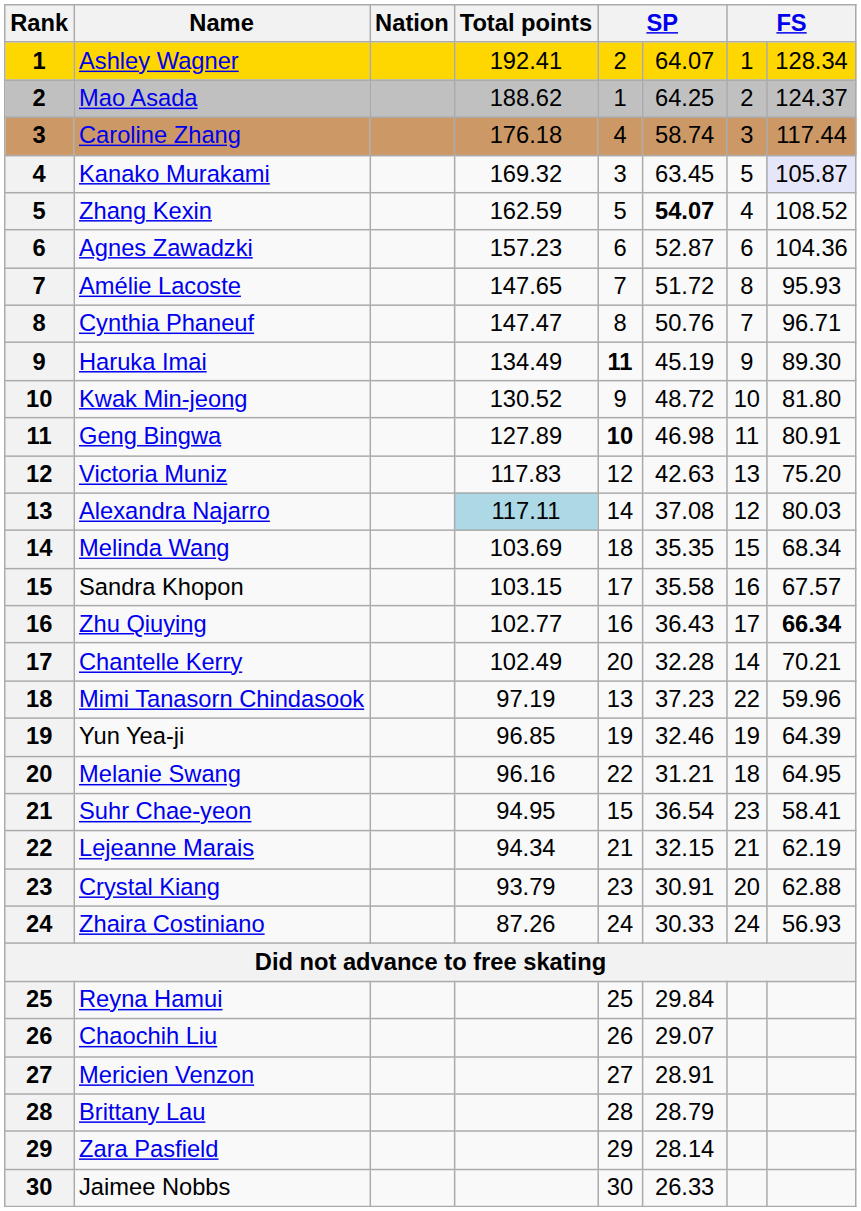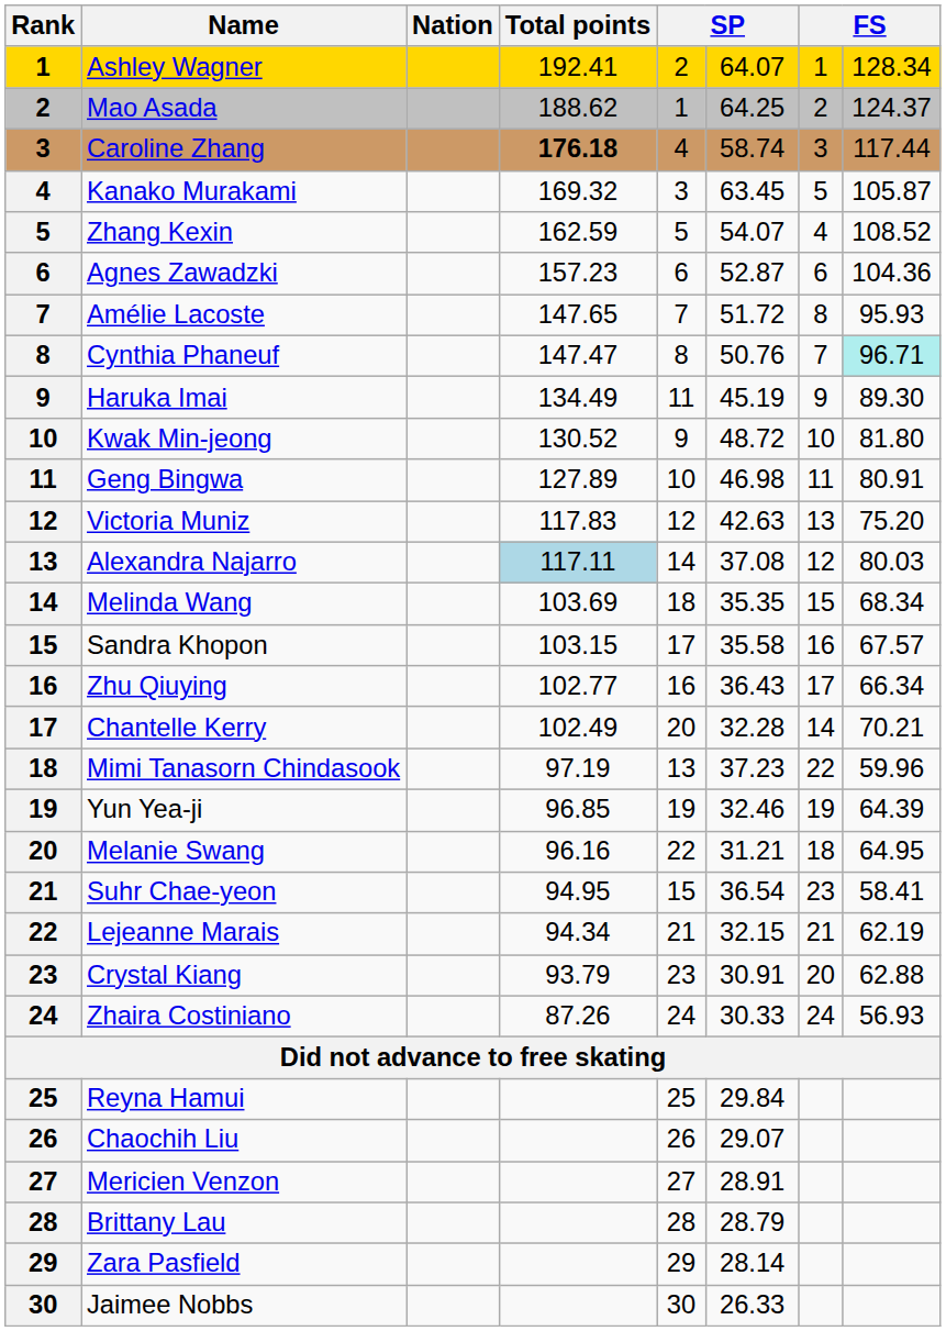 <table class="wikitable sortable">
 <tr>
 <th>Rank</th>
 <th>Name</th>
 <th>Nation</th>
 <th>Total points</th>
 <th colspan="2" width="80px"><a href='#'>SP</a></th>
 <th colspan="2" width="80px"><a href='#'>FS</a></th>
 </tr>
 <tr bgcolor="gold">
 <td align="center"><strong>1</strong></td>
 <td><a href='#'>Ashley Wagner</a></td>
 <td></td>
 <td align="center">192.41</td>
 <td align="center">2</td>
 <td align="center">64.07</td>
 <td align="center">1</td>
 <td align="center">128.34</td>
 </tr>
 <tr bgcolor="silver">
 <td align="center"><strong>2</strong></td>
 <td><a href='#'>Mao Asada</a></td>
 <td></td>
 <td align="center">188.62</td>
 <td align="center">1</td>
 <td align="center">64.25</td>
 <td align="center">2</td>
 <td align="center">124.37</td>
 </tr>
 <tr bgcolor="cc9966">
 <td align="center"><strong>3</strong></td>
 <td><a href='#'>Caroline Zhang</a></td>
 <td></td>
-<td align="center">176.18</td>
+<td align="center"><strong>176.18</strong></td>
 <td align="center">4</td>
 <td align="center">58.74</td>
 <td align="center">3</td>
 <td align="center">117.44</td>
 </tr>
 <tr>
 <th>4</th>
 <td><a href='#'>Kanako Murakami</a></td>
 <td></td>
 <td align="center">169.32</td>
 <td align="center">3</td>
 <td align="center">63.45</td>
 <td align="center">5</td>
-<td align="center" style="background: lavender;">105.87</td>
+<td align="center">105.87</td>
 </tr>
 <tr>
 <th>5</th>
 <td><a href='#'>Zhang Kexin</a></td>
 <td></td>
 <td align="center">162.59</td>
 <td align="center">5</td>
-<td align="center"><strong>54.07</strong></td>
+<td align="center">54.07</td>
 <td align="center">4</td>
 <td align="center">108.52</td>
 </tr>
 <tr>
 <th>6</th>
 <td><a href='#'>Agnes Zawadzki</a></td>
 <td></td>
 <td align="center">157.23</td>
 <td align="center">6</td>
 <td align="center">52.87</td>
 <td align="center">6</td>
 <td align="center">104.36</td>
 </tr>
 <tr>
 <th>7</th>
 <td><a href='#'>Amélie Lacoste</a></td>
 <td></td>
 <td align="center">147.65</td>
 <td align="center">7</td>
 <td align="center">51.72</td>
 <td align="center">8</td>
 <td align="center">95.93</td>
 </tr>
 <tr>
 <th>8</th>
 <td><a href='#'>Cynthia Phaneuf</a></td>
 <td></td>
 <td align="center">147.47</td>
 <td align="center">8</td>
 <td align="center">50.76</td>
 <td align="center">7</td>
-<td align="center">96.71</td>
+<td align="center" style="background: paleturquoise;">96.71</td>
 </tr>
 <tr>
 <th>9</th>
 <td><a href='#'>Haruka Imai</a></td>
 <td></td>
 <td align="center">134.49</td>
-<td align="center"><strong>11</strong></td>
+<td align="center">11</td>
 <td align="center">45.19</td>
 <td align="center">9</td>
 <td align="center">89.30</td>
 </tr>
 <tr>
 <th>10</th>
 <td><a href='#'>Kwak Min-jeong</a></td>
 <td></td>
 <td align="center">130.52</td>
 <td align="center">9</td>
 <td align="center">48.72</td>
 <td align="center">10</td>
 <td align="center">81.80</td>
 </tr>
 <tr>
 <th>11</th>
 <td><a href='#'>Geng Bingwa</a></td>
 <td></td>
 <td align="center">127.89</td>
-<td align="center"><strong>10</strong></td>
+<td align="center">10</td>
 <td align="center">46.98</td>
 <td align="center">11</td>
 <td align="center">80.91</td>
 </tr>
 <tr>
 <th>12</th>
 <td><a href='#'>Victoria Muniz</a></td>
 <td></td>
 <td align="center">117.83</td>
 <td align="center">12</td>
 <td align="center">42.63</td>
 <td align="center">13</td>
 <td align="center">75.20</td>
 </tr>
 <tr>
 <th>13</th>
 <td><a href='#'>Alexandra Najarro</a></td>
 <td></td>
 <td align="center" style="background: lightblue;">117.11</td>
 <td align="center">14</td>
 <td align="center">37.08</td>
 <td align="center">12</td>
 <td align="center">80.03</td>
 </tr>
 <tr>
 <th>14</th>
 <td><a href='#'>Melinda Wang</a></td>
 <td></td>
 <td align="center">103.69</td>
 <td align="center">18</td>
 <td align="center">35.35</td>
 <td align="center">15</td>
 <td align="center">68.34</td>
 </tr>
 <tr>
 <th>15</th>
 <td>Sandra Khopon</td>
 <td></td>
 <td align="center">103.15</td>
 <td align="center">17</td>
 <td align="center">35.58</td>
 <td align="center">16</td>
 <td align="center">67.57</td>
 </tr>
 <tr>
 <th>16</th>
 <td><a href='#'>Zhu Qiuying</a></td>
 <td></td>
 <td align="center">102.77</td>
 <td align="center">16</td>
 <td align="center">36.43</td>
 <td align="center">17</td>
-<td align="center"><strong>66.34</strong></td>
+<td align="center">66.34</td>
 </tr>
 <tr>
 <th>17</th>
 <td><a href='#'>Chantelle Kerry</a></td>
 <td></td>
 <td align="center">102.49</td>
 <td align="center">20</td>
 <td align="center">32.28</td>
 <td align="center">14</td>
 <td align="center">70.21</td>
 </tr>
 <tr>
 <th>18</th>
 <td><a href='#'>Mimi Tanasorn Chindasook</a></td>
 <td></td>
 <td align="center">97.19</td>
 <td align="center">13</td>
 <td align="center">37.23</td>
 <td align="center">22</td>
 <td align="center">59.96</td>
 </tr>
 <tr>
 <th>19</th>
 <td>Yun Yea-ji</td>
 <td></td>
 <td align="center">96.85</td>
 <td align="center">19</td>
 <td align="center">32.46</td>
 <td align="center">19</td>
 <td align="center">64.39</td>
 </tr>
 <tr>
 <th>20</th>
 <td><a href='#'>Melanie Swang</a></td>
 <td></td>
 <td align="center">96.16</td>
 <td align="center">22</td>
 <td align="center">31.21</td>
 <td align="center">18</td>
 <td align="center">64.95</td>
 </tr>
 <tr>
 <th>21</th>
 <td><a href='#'>Suhr Chae-yeon</a></td>
 <td></td>
 <td align="center">94.95</td>
 <td align="center">15</td>
 <td align="center">36.54</td>
 <td align="center">23</td>
 <td align="center">58.41</td>
 </tr>
 <tr>
 <th>22</th>
 <td><a href='#'>Lejeanne Marais</a></td>
 <td></td>
 <td align="center">94.34</td>
 <td align="center">21</td>
 <td align="center">32.15</td>
 <td align="center">21</td>
 <td align="center">62.19</td>
 </tr>
 <tr>
 <th>23</th>
 <td><a href='#'>Crystal Kiang</a></td>
 <td></td>
 <td align="center">93.79</td>
 <td align="center">23</td>
 <td align="center">30.91</td>
 <td align="center">20</td>
 <td align="center">62.88</td>
 </tr>
 <tr>
 <th>24</th>
 <td><a href='#'>Zhaira Costiniano</a></td>
 <td></td>
 <td align="center">87.26</td>
 <td align="center">24</td>
 <td align="center">30.33</td>
 <td align="center">24</td>
 <td align="center">56.93</td>
 </tr>
 <tr>
 <th colspan="8">Did not advance to free skating</th>
 </tr>
 <tr>
 <th>25</th>
 <td><a href='#'>Reyna Hamui</a></td>
 <td></td>
 <td align="center"></td>
 <td align="center">25</td>
 <td align="center">29.84</td>
 <td align="center"></td>
 <td align="center"></td>
 </tr>
 <tr>
 <th>26</th>
 <td><a href='#'>Chaochih Liu</a></td>
 <td></td>
 <td align="center"></td>
 <td align="center">26</td>
 <td align="center">29.07</td>
 <td align="center"></td>
 <td align="center"></td>
 </tr>
 <tr>
 <th>27</th>
 <td><a href='#'>Mericien Venzon</a></td>
 <td></td>
 <td align="center"></td>
 <td align="center">27</td>
 <td align="center">28.91</td>
 <td align="center"></td>
 <td align="center"></td>
 </tr>
 <tr>
 <th>28</th>
 <td><a href='#'>Brittany Lau</a></td>
 <td></td>
 <td align="center"></td>
 <td align="center">28</td>
 <td align="center">28.79</td>
 <td align="center"></td>
 <td align="center"></td>
 </tr>
 <tr>
 <th>29</th>
 <td><a href='#'>Zara Pasfield</a></td>
 <td></td>
 <td align="center"></td>
 <td align="center">29</td>
 <td align="center">28.14</td>
 <td align="center"></td>
 <td align="center"></td>
 </tr>
 <tr>
 <th>30</th>
 <td>Jaimee Nobbs</td>
 <td></td>
 <td align="center"></td>
 <td align="center">30</td>
 <td align="center">26.33</td>
 <td align="center"></td>
 <td align="center"></td>
 </tr>
 </table>
